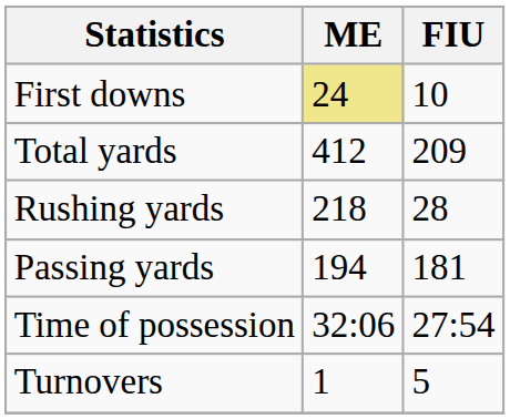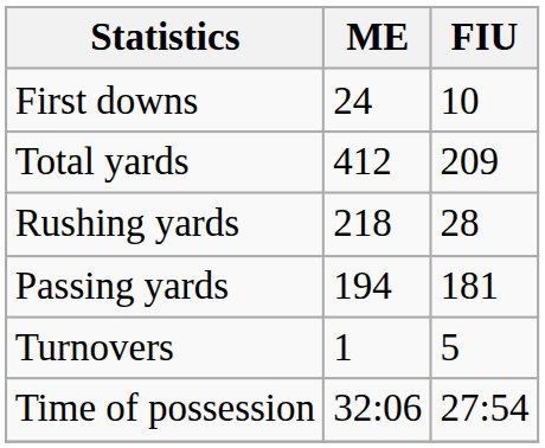 <table class="wikitable" style="float: left;">
 <tr>
 <th>Statistics</th>
 <th>ME</th>
 <th>FIU</th>
 </tr>
 <tr>
 <td>First downs</td>
-<td style="background: khaki;">24</td>
+<td>24</td>
 <td>10</td>
 </tr>
 <tr>
 <td>Total yards</td>
 <td>412</td>
 <td>209</td>
 </tr>
 <tr>
 <td>Rushing yards</td>
 <td>218</td>
 <td>28</td>
 </tr>
 <tr>
 <td>Passing yards</td>
 <td>194</td>
 <td>181</td>
 </tr>
 <tr>
+<td>Turnovers</td>
+<td>1</td>
+<td>5</td>
+</tr>
+<tr>
 <td>Time of possession</td>
 <td>32:06</td>
 <td>27:54</td>
 </tr>
 <tr>
-<td>Turnovers</td>
-<td>1</td>
-<td>5</td>
-</tr>
-<tr>
 </tr>
 </table>
